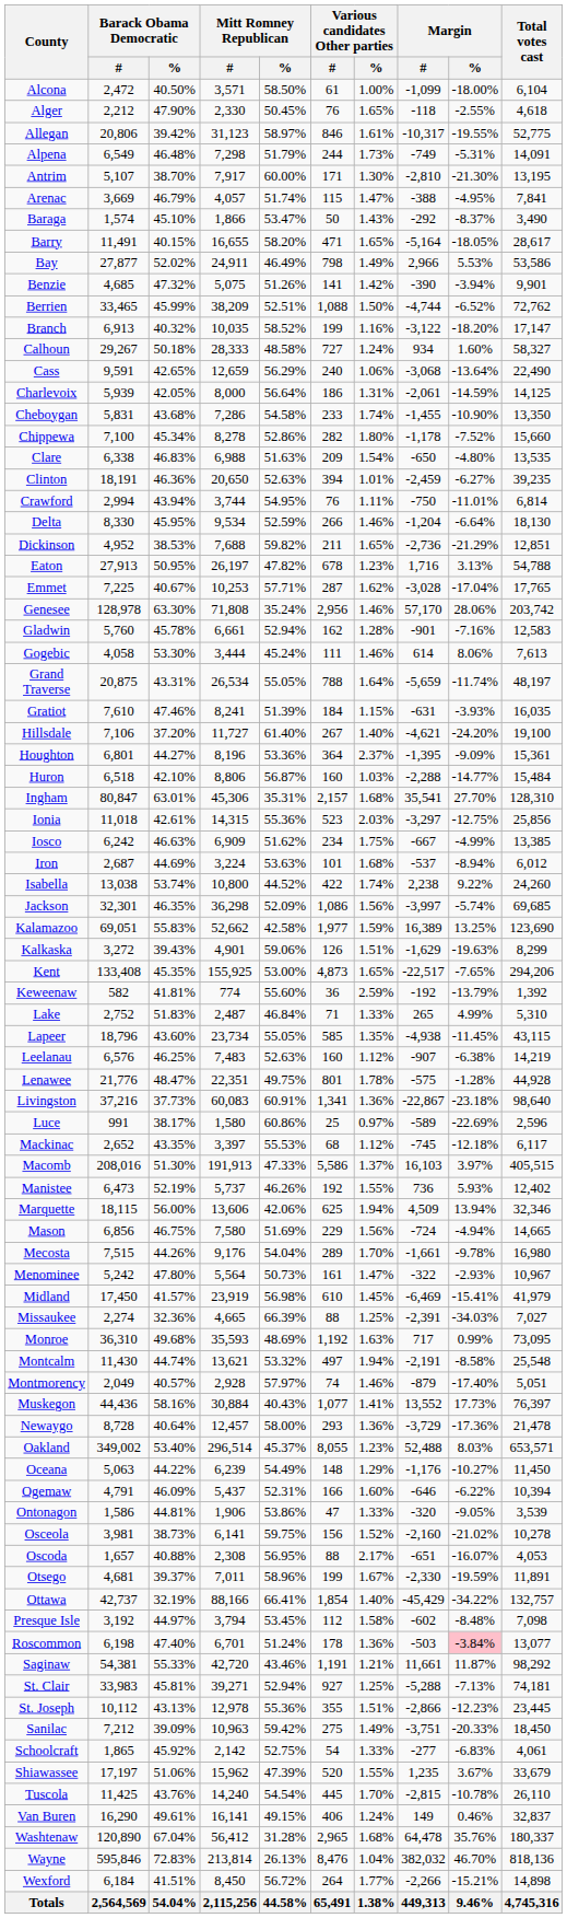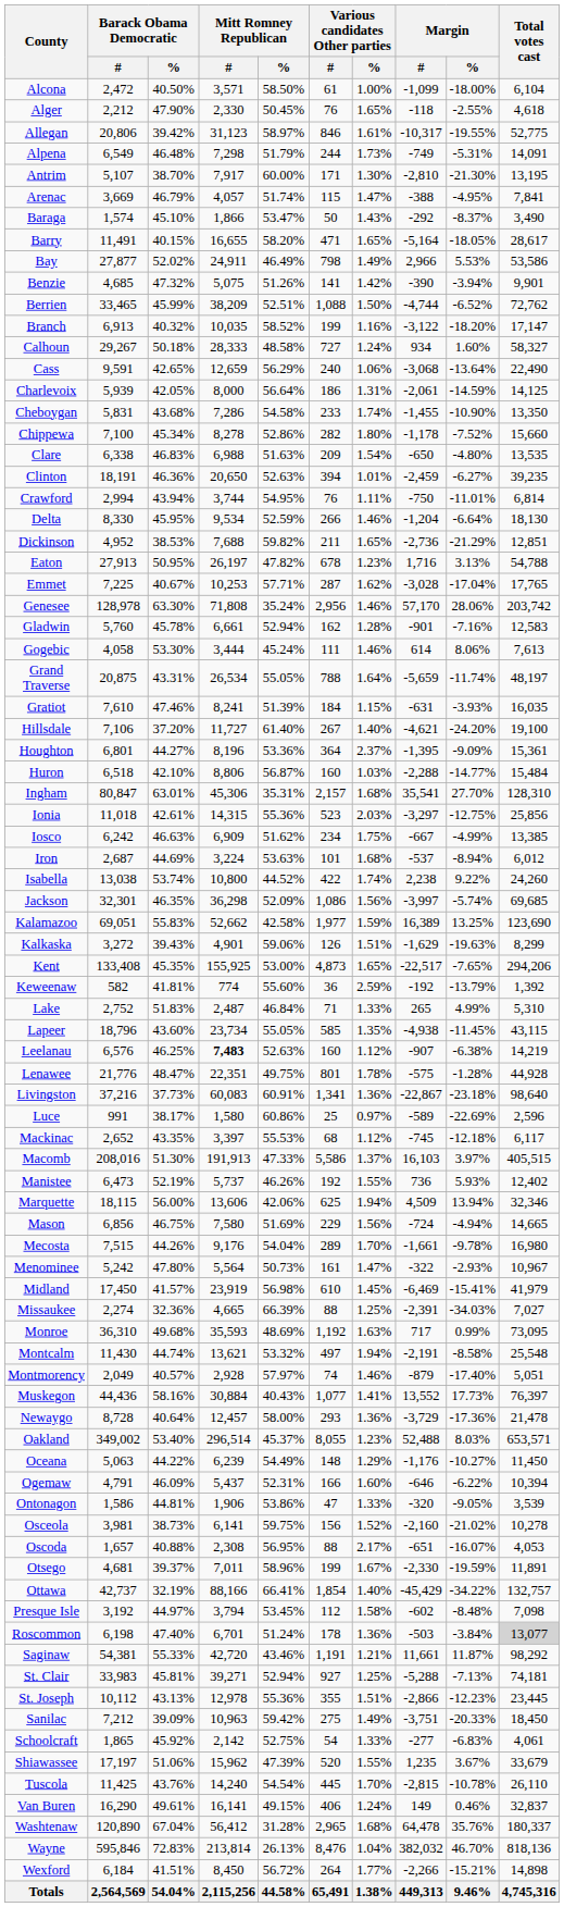 <table width="60%"  class="wikitable sortable" style="text-align:center">
 <tr>
 <th style="text-align:center;" rowspan="2">County</th>
 <th style="text-align:center;" colspan="2">Barack Obama<br>Democratic</th>
 <th style="text-align:center;" colspan="2">Mitt Romney<br>Republican</th>
 <th style="text-align:center;" colspan="2">Various candidates<br>Other parties</th>
 <th style="text-align:center;" colspan="2">Margin</th>
 <th style="text-align:center;" rowspan="2">Total votes cast</th>
 </tr>
 <tr>
 <th style="text-align:center;" data-sort-type="number">#</th>
 <th style="text-align:center;" data-sort-type="number">%</th>
 <th style="text-align:center;" data-sort-type="number">#</th>
 <th style="text-align:center;" data-sort-type="number">%</th>
 <th style="text-align:center;" data-sort-type="number">#</th>
 <th style="text-align:center;" data-sort-type="number">%</th>
 <th style="text-align:center;" data-sort-type="number">#</th>
 <th style="text-align:center;" data-sort-type="number">%</th>
 </tr>
 <tr style="text-align:center;">
 <td><a href='#'>Alcona</a></td>
 <td>2,472</td>
 <td>40.50%</td>
 <td>3,571</td>
 <td>58.50%</td>
 <td>61</td>
 <td>1.00%</td>
 <td>-1,099</td>
 <td>-18.00%</td>
 <td>6,104</td>
 </tr>
 <tr style="text-align:center;">
 <td><a href='#'>Alger</a></td>
 <td>2,212</td>
 <td>47.90%</td>
 <td>2,330</td>
 <td>50.45%</td>
 <td>76</td>
 <td>1.65%</td>
 <td>-118</td>
 <td>-2.55%</td>
 <td>4,618</td>
 </tr>
 <tr style="text-align:center;">
 <td><a href='#'>Allegan</a></td>
 <td>20,806</td>
 <td>39.42%</td>
 <td>31,123</td>
 <td>58.97%</td>
 <td>846</td>
 <td>1.61%</td>
 <td>-10,317</td>
 <td>-19.55%</td>
 <td>52,775</td>
 </tr>
 <tr style="text-align:center;">
 <td><a href='#'>Alpena</a></td>
 <td>6,549</td>
 <td>46.48%</td>
 <td>7,298</td>
 <td>51.79%</td>
 <td>244</td>
 <td>1.73%</td>
 <td>-749</td>
 <td>-5.31%</td>
 <td>14,091</td>
 </tr>
 <tr style="text-align:center;">
 <td><a href='#'>Antrim</a></td>
 <td>5,107</td>
 <td>38.70%</td>
 <td>7,917</td>
 <td>60.00%</td>
 <td>171</td>
 <td>1.30%</td>
 <td>-2,810</td>
 <td>-21.30%</td>
 <td>13,195</td>
 </tr>
 <tr style="text-align:center;">
 <td><a href='#'>Arenac</a></td>
 <td>3,669</td>
 <td>46.79%</td>
 <td>4,057</td>
 <td>51.74%</td>
 <td>115</td>
 <td>1.47%</td>
 <td>-388</td>
 <td>-4.95%</td>
 <td>7,841</td>
 </tr>
 <tr style="text-align:center;">
 <td><a href='#'>Baraga</a></td>
 <td>1,574</td>
 <td>45.10%</td>
 <td>1,866</td>
 <td>53.47%</td>
 <td>50</td>
 <td>1.43%</td>
 <td>-292</td>
 <td>-8.37%</td>
 <td>3,490</td>
 </tr>
 <tr style="text-align:center;">
 <td><a href='#'>Barry</a></td>
 <td>11,491</td>
 <td>40.15%</td>
 <td>16,655</td>
 <td>58.20%</td>
 <td>471</td>
 <td>1.65%</td>
 <td>-5,164</td>
 <td>-18.05%</td>
 <td>28,617</td>
 </tr>
 <tr style="text-align:center;">
 <td><a href='#'>Bay</a></td>
 <td>27,877</td>
 <td>52.02%</td>
 <td>24,911</td>
 <td>46.49%</td>
 <td>798</td>
 <td>1.49%</td>
 <td>2,966</td>
 <td>5.53%</td>
 <td>53,586</td>
 </tr>
 <tr style="text-align:center;">
 <td><a href='#'>Benzie</a></td>
 <td>4,685</td>
 <td>47.32%</td>
 <td>5,075</td>
 <td>51.26%</td>
 <td>141</td>
 <td>1.42%</td>
 <td>-390</td>
 <td>-3.94%</td>
 <td>9,901</td>
 </tr>
 <tr style="text-align:center;">
 <td><a href='#'>Berrien</a></td>
 <td>33,465</td>
 <td>45.99%</td>
 <td>38,209</td>
 <td>52.51%</td>
 <td>1,088</td>
 <td>1.50%</td>
 <td>-4,744</td>
 <td>-6.52%</td>
 <td>72,762</td>
 </tr>
 <tr style="text-align:center;">
 <td><a href='#'>Branch</a></td>
 <td>6,913</td>
 <td>40.32%</td>
 <td>10,035</td>
 <td>58.52%</td>
 <td>199</td>
 <td>1.16%</td>
 <td>-3,122</td>
 <td>-18.20%</td>
 <td>17,147</td>
 </tr>
 <tr style="text-align:center;">
 <td><a href='#'>Calhoun</a></td>
 <td>29,267</td>
 <td>50.18%</td>
 <td>28,333</td>
 <td>48.58%</td>
 <td>727</td>
 <td>1.24%</td>
 <td>934</td>
 <td>1.60%</td>
 <td>58,327</td>
 </tr>
 <tr style="text-align:center;">
 <td><a href='#'>Cass</a></td>
 <td>9,591</td>
 <td>42.65%</td>
 <td>12,659</td>
 <td>56.29%</td>
 <td>240</td>
 <td>1.06%</td>
 <td>-3,068</td>
 <td>-13.64%</td>
 <td>22,490</td>
 </tr>
 <tr style="text-align:center;">
 <td><a href='#'>Charlevoix</a></td>
 <td>5,939</td>
 <td>42.05%</td>
 <td>8,000</td>
 <td>56.64%</td>
 <td>186</td>
 <td>1.31%</td>
 <td>-2,061</td>
 <td>-14.59%</td>
 <td>14,125</td>
 </tr>
 <tr style="text-align:center;">
 <td><a href='#'>Cheboygan</a></td>
 <td>5,831</td>
 <td>43.68%</td>
 <td>7,286</td>
 <td>54.58%</td>
 <td>233</td>
 <td>1.74%</td>
 <td>-1,455</td>
 <td>-10.90%</td>
 <td>13,350</td>
 </tr>
 <tr style="text-align:center;">
 <td><a href='#'>Chippewa</a></td>
 <td>7,100</td>
 <td>45.34%</td>
 <td>8,278</td>
 <td>52.86%</td>
 <td>282</td>
 <td>1.80%</td>
 <td>-1,178</td>
 <td>-7.52%</td>
 <td>15,660</td>
 </tr>
 <tr style="text-align:center;">
 <td><a href='#'>Clare</a></td>
 <td>6,338</td>
 <td>46.83%</td>
 <td>6,988</td>
 <td>51.63%</td>
 <td>209</td>
 <td>1.54%</td>
 <td>-650</td>
 <td>-4.80%</td>
 <td>13,535</td>
 </tr>
 <tr style="text-align:center;">
 <td><a href='#'>Clinton</a></td>
 <td>18,191</td>
 <td>46.36%</td>
 <td>20,650</td>
 <td>52.63%</td>
 <td>394</td>
 <td>1.01%</td>
 <td>-2,459</td>
 <td>-6.27%</td>
 <td>39,235</td>
 </tr>
 <tr style="text-align:center;">
 <td><a href='#'>Crawford</a></td>
 <td>2,994</td>
 <td>43.94%</td>
 <td>3,744</td>
 <td>54.95%</td>
 <td>76</td>
 <td>1.11%</td>
 <td>-750</td>
 <td>-11.01%</td>
 <td>6,814</td>
 </tr>
 <tr style="text-align:center;">
 <td><a href='#'>Delta</a></td>
 <td>8,330</td>
 <td>45.95%</td>
 <td>9,534</td>
 <td>52.59%</td>
 <td>266</td>
 <td>1.46%</td>
 <td>-1,204</td>
 <td>-6.64%</td>
 <td>18,130</td>
 </tr>
 <tr style="text-align:center;">
 <td><a href='#'>Dickinson</a></td>
 <td>4,952</td>
 <td>38.53%</td>
 <td>7,688</td>
 <td>59.82%</td>
 <td>211</td>
 <td>1.65%</td>
 <td>-2,736</td>
 <td>-21.29%</td>
 <td>12,851</td>
 </tr>
 <tr style="text-align:center;">
 <td><a href='#'>Eaton</a></td>
 <td>27,913</td>
 <td>50.95%</td>
 <td>26,197</td>
 <td>47.82%</td>
 <td>678</td>
 <td>1.23%</td>
 <td>1,716</td>
 <td>3.13%</td>
 <td>54,788</td>
 </tr>
 <tr style="text-align:center;">
 <td><a href='#'>Emmet</a></td>
 <td>7,225</td>
 <td>40.67%</td>
 <td>10,253</td>
 <td>57.71%</td>
 <td>287</td>
 <td>1.62%</td>
 <td>-3,028</td>
 <td>-17.04%</td>
 <td>17,765</td>
 </tr>
 <tr style="text-align:center;">
 <td><a href='#'>Genesee</a></td>
 <td>128,978</td>
 <td>63.30%</td>
 <td>71,808</td>
 <td>35.24%</td>
 <td>2,956</td>
 <td>1.46%</td>
 <td>57,170</td>
 <td>28.06%</td>
 <td>203,742</td>
 </tr>
 <tr style="text-align:center;">
 <td><a href='#'>Gladwin</a></td>
 <td>5,760</td>
 <td>45.78%</td>
 <td>6,661</td>
 <td>52.94%</td>
 <td>162</td>
 <td>1.28%</td>
 <td>-901</td>
 <td>-7.16%</td>
 <td>12,583</td>
 </tr>
 <tr style="text-align:center;">
 <td><a href='#'>Gogebic</a></td>
 <td>4,058</td>
 <td>53.30%</td>
 <td>3,444</td>
 <td>45.24%</td>
 <td>111</td>
 <td>1.46%</td>
 <td>614</td>
 <td>8.06%</td>
 <td>7,613</td>
 </tr>
 <tr style="text-align:center;">
 <td><a href='#'>Grand Traverse</a></td>
 <td>20,875</td>
 <td>43.31%</td>
 <td>26,534</td>
 <td>55.05%</td>
 <td>788</td>
 <td>1.64%</td>
 <td>-5,659</td>
 <td>-11.74%</td>
 <td>48,197</td>
 </tr>
 <tr style="text-align:center;">
 <td><a href='#'>Gratiot</a></td>
 <td>7,610</td>
 <td>47.46%</td>
 <td>8,241</td>
 <td>51.39%</td>
 <td>184</td>
 <td>1.15%</td>
 <td>-631</td>
 <td>-3.93%</td>
 <td>16,035</td>
 </tr>
 <tr style="text-align:center;">
 <td><a href='#'>Hillsdale</a></td>
 <td>7,106</td>
 <td>37.20%</td>
 <td>11,727</td>
 <td>61.40%</td>
 <td>267</td>
 <td>1.40%</td>
 <td>-4,621</td>
 <td>-24.20%</td>
 <td>19,100</td>
 </tr>
 <tr style="text-align:center;">
 <td><a href='#'>Houghton</a></td>
 <td>6,801</td>
 <td>44.27%</td>
 <td>8,196</td>
 <td>53.36%</td>
 <td>364</td>
 <td>2.37%</td>
 <td>-1,395</td>
 <td>-9.09%</td>
 <td>15,361</td>
 </tr>
 <tr style="text-align:center;">
 <td><a href='#'>Huron</a></td>
 <td>6,518</td>
 <td>42.10%</td>
 <td>8,806</td>
 <td>56.87%</td>
 <td>160</td>
 <td>1.03%</td>
 <td>-2,288</td>
 <td>-14.77%</td>
 <td>15,484</td>
 </tr>
 <tr style="text-align:center;">
 <td><a href='#'>Ingham</a></td>
 <td>80,847</td>
 <td>63.01%</td>
 <td>45,306</td>
 <td>35.31%</td>
 <td>2,157</td>
 <td>1.68%</td>
 <td>35,541</td>
 <td>27.70%</td>
 <td>128,310</td>
 </tr>
 <tr style="text-align:center;">
 <td><a href='#'>Ionia</a></td>
 <td>11,018</td>
 <td>42.61%</td>
 <td>14,315</td>
 <td>55.36%</td>
 <td>523</td>
 <td>2.03%</td>
 <td>-3,297</td>
 <td>-12.75%</td>
 <td>25,856</td>
 </tr>
 <tr style="text-align:center;">
 <td><a href='#'>Iosco</a></td>
 <td>6,242</td>
 <td>46.63%</td>
 <td>6,909</td>
 <td>51.62%</td>
 <td>234</td>
 <td>1.75%</td>
 <td>-667</td>
 <td>-4.99%</td>
 <td>13,385</td>
 </tr>
 <tr style="text-align:center;">
 <td><a href='#'>Iron</a></td>
 <td>2,687</td>
 <td>44.69%</td>
 <td>3,224</td>
 <td>53.63%</td>
 <td>101</td>
 <td>1.68%</td>
 <td>-537</td>
 <td>-8.94%</td>
 <td>6,012</td>
 </tr>
 <tr style="text-align:center;">
 <td><a href='#'>Isabella</a></td>
 <td>13,038</td>
 <td>53.74%</td>
 <td>10,800</td>
 <td>44.52%</td>
 <td>422</td>
 <td>1.74%</td>
 <td>2,238</td>
 <td>9.22%</td>
 <td>24,260</td>
 </tr>
 <tr style="text-align:center;">
 <td><a href='#'>Jackson</a></td>
 <td>32,301</td>
 <td>46.35%</td>
 <td>36,298</td>
 <td>52.09%</td>
 <td>1,086</td>
 <td>1.56%</td>
 <td>-3,997</td>
 <td>-5.74%</td>
 <td>69,685</td>
 </tr>
 <tr style="text-align:center;">
 <td><a href='#'>Kalamazoo</a></td>
 <td>69,051</td>
 <td>55.83%</td>
 <td>52,662</td>
 <td>42.58%</td>
 <td>1,977</td>
 <td>1.59%</td>
 <td>16,389</td>
 <td>13.25%</td>
 <td>123,690</td>
 </tr>
 <tr style="text-align:center;">
 <td><a href='#'>Kalkaska</a></td>
 <td>3,272</td>
 <td>39.43%</td>
 <td>4,901</td>
 <td>59.06%</td>
 <td>126</td>
 <td>1.51%</td>
 <td>-1,629</td>
 <td>-19.63%</td>
 <td>8,299</td>
 </tr>
 <tr style="text-align:center;">
 <td><a href='#'>Kent</a></td>
 <td>133,408</td>
 <td>45.35%</td>
 <td>155,925</td>
 <td>53.00%</td>
 <td>4,873</td>
 <td>1.65%</td>
 <td>-22,517</td>
 <td>-7.65%</td>
 <td>294,206</td>
 </tr>
 <tr style="text-align:center;">
 <td><a href='#'>Keweenaw</a></td>
 <td>582</td>
 <td>41.81%</td>
 <td>774</td>
 <td>55.60%</td>
 <td>36</td>
 <td>2.59%</td>
 <td>-192</td>
 <td>-13.79%</td>
 <td>1,392</td>
 </tr>
 <tr style="text-align:center;">
 <td><a href='#'>Lake</a></td>
 <td>2,752</td>
 <td>51.83%</td>
 <td>2,487</td>
 <td>46.84%</td>
 <td>71</td>
 <td>1.33%</td>
 <td>265</td>
 <td>4.99%</td>
 <td>5,310</td>
 </tr>
 <tr style="text-align:center;">
 <td><a href='#'>Lapeer</a></td>
 <td>18,796</td>
 <td>43.60%</td>
 <td>23,734</td>
 <td>55.05%</td>
 <td>585</td>
 <td>1.35%</td>
 <td>-4,938</td>
 <td>-11.45%</td>
 <td>43,115</td>
 </tr>
 <tr style="text-align:center;">
 <td><a href='#'>Leelanau</a></td>
 <td>6,576</td>
 <td>46.25%</td>
-<td>7,483</td>
+<td><strong>7,483</strong></td>
 <td>52.63%</td>
 <td>160</td>
 <td>1.12%</td>
 <td>-907</td>
 <td>-6.38%</td>
 <td>14,219</td>
 </tr>
 <tr style="text-align:center;">
 <td><a href='#'>Lenawee</a></td>
 <td>21,776</td>
 <td>48.47%</td>
 <td>22,351</td>
 <td>49.75%</td>
 <td>801</td>
 <td>1.78%</td>
 <td>-575</td>
 <td>-1.28%</td>
 <td>44,928</td>
 </tr>
 <tr style="text-align:center;">
 <td><a href='#'>Livingston</a></td>
 <td>37,216</td>
 <td>37.73%</td>
 <td>60,083</td>
 <td>60.91%</td>
 <td>1,341</td>
 <td>1.36%</td>
 <td>-22,867</td>
 <td>-23.18%</td>
 <td>98,640</td>
 </tr>
 <tr style="text-align:center;">
 <td><a href='#'>Luce</a></td>
 <td>991</td>
 <td>38.17%</td>
 <td>1,580</td>
 <td>60.86%</td>
 <td>25</td>
 <td>0.97%</td>
 <td>-589</td>
 <td>-22.69%</td>
 <td>2,596</td>
 </tr>
 <tr style="text-align:center;">
 <td><a href='#'>Mackinac</a></td>
 <td>2,652</td>
 <td>43.35%</td>
 <td>3,397</td>
 <td>55.53%</td>
 <td>68</td>
 <td>1.12%</td>
 <td>-745</td>
 <td>-12.18%</td>
 <td>6,117</td>
 </tr>
 <tr style="text-align:center;">
 <td><a href='#'>Macomb</a></td>
 <td>208,016</td>
 <td>51.30%</td>
 <td>191,913</td>
 <td>47.33%</td>
 <td>5,586</td>
 <td>1.37%</td>
 <td>16,103</td>
 <td>3.97%</td>
 <td>405,515</td>
 </tr>
 <tr style="text-align:center;">
 <td><a href='#'>Manistee</a></td>
 <td>6,473</td>
 <td>52.19%</td>
 <td>5,737</td>
 <td>46.26%</td>
 <td>192</td>
 <td>1.55%</td>
 <td>736</td>
 <td>5.93%</td>
 <td>12,402</td>
 </tr>
 <tr style="text-align:center;">
 <td><a href='#'>Marquette</a></td>
 <td>18,115</td>
 <td>56.00%</td>
 <td>13,606</td>
 <td>42.06%</td>
 <td>625</td>
 <td>1.94%</td>
 <td>4,509</td>
 <td>13.94%</td>
 <td>32,346</td>
 </tr>
 <tr style="text-align:center;">
 <td><a href='#'>Mason</a></td>
 <td>6,856</td>
 <td>46.75%</td>
 <td>7,580</td>
 <td>51.69%</td>
 <td>229</td>
 <td>1.56%</td>
 <td>-724</td>
 <td>-4.94%</td>
 <td>14,665</td>
 </tr>
 <tr style="text-align:center;">
 <td><a href='#'>Mecosta</a></td>
 <td>7,515</td>
 <td>44.26%</td>
 <td>9,176</td>
 <td>54.04%</td>
 <td>289</td>
 <td>1.70%</td>
 <td>-1,661</td>
 <td>-9.78%</td>
 <td>16,980</td>
 </tr>
 <tr style="text-align:center;">
 <td><a href='#'>Menominee</a></td>
 <td>5,242</td>
 <td>47.80%</td>
 <td>5,564</td>
 <td>50.73%</td>
 <td>161</td>
 <td>1.47%</td>
 <td>-322</td>
 <td>-2.93%</td>
 <td>10,967</td>
 </tr>
 <tr style="text-align:center;">
 <td><a href='#'>Midland</a></td>
 <td>17,450</td>
 <td>41.57%</td>
 <td>23,919</td>
 <td>56.98%</td>
 <td>610</td>
 <td>1.45%</td>
 <td>-6,469</td>
 <td>-15.41%</td>
 <td>41,979</td>
 </tr>
 <tr style="text-align:center;">
 <td><a href='#'>Missaukee</a></td>
 <td>2,274</td>
 <td>32.36%</td>
 <td>4,665</td>
 <td>66.39%</td>
 <td>88</td>
 <td>1.25%</td>
 <td>-2,391</td>
 <td>-34.03%</td>
 <td>7,027</td>
 </tr>
 <tr style="text-align:center;">
 <td><a href='#'>Monroe</a></td>
 <td>36,310</td>
 <td>49.68%</td>
 <td>35,593</td>
 <td>48.69%</td>
 <td>1,192</td>
 <td>1.63%</td>
 <td>717</td>
 <td>0.99%</td>
 <td>73,095</td>
 </tr>
 <tr style="text-align:center;">
 <td><a href='#'>Montcalm</a></td>
 <td>11,430</td>
 <td>44.74%</td>
 <td>13,621</td>
 <td>53.32%</td>
 <td>497</td>
 <td>1.94%</td>
 <td>-2,191</td>
 <td>-8.58%</td>
 <td>25,548</td>
 </tr>
 <tr style="text-align:center;">
 <td><a href='#'>Montmorency</a></td>
 <td>2,049</td>
 <td>40.57%</td>
 <td>2,928</td>
 <td>57.97%</td>
 <td>74</td>
 <td>1.46%</td>
 <td>-879</td>
 <td>-17.40%</td>
 <td>5,051</td>
 </tr>
 <tr style="text-align:center;">
 <td><a href='#'>Muskegon</a></td>
 <td>44,436</td>
 <td>58.16%</td>
 <td>30,884</td>
 <td>40.43%</td>
 <td>1,077</td>
 <td>1.41%</td>
 <td>13,552</td>
 <td>17.73%</td>
 <td>76,397</td>
 </tr>
 <tr style="text-align:center;">
 <td><a href='#'>Newaygo</a></td>
 <td>8,728</td>
 <td>40.64%</td>
 <td>12,457</td>
 <td>58.00%</td>
 <td>293</td>
 <td>1.36%</td>
 <td>-3,729</td>
 <td>-17.36%</td>
 <td>21,478</td>
 </tr>
 <tr style="text-align:center;">
 <td><a href='#'>Oakland</a></td>
 <td>349,002</td>
 <td>53.40%</td>
 <td>296,514</td>
 <td>45.37%</td>
 <td>8,055</td>
 <td>1.23%</td>
 <td>52,488</td>
 <td>8.03%</td>
 <td>653,571</td>
 </tr>
 <tr style="text-align:center;">
 <td><a href='#'>Oceana</a></td>
 <td>5,063</td>
 <td>44.22%</td>
 <td>6,239</td>
 <td>54.49%</td>
 <td>148</td>
 <td>1.29%</td>
 <td>-1,176</td>
 <td>-10.27%</td>
 <td>11,450</td>
 </tr>
 <tr style="text-align:center;">
 <td><a href='#'>Ogemaw</a></td>
 <td>4,791</td>
 <td>46.09%</td>
 <td>5,437</td>
 <td>52.31%</td>
 <td>166</td>
 <td>1.60%</td>
 <td>-646</td>
 <td>-6.22%</td>
 <td>10,394</td>
 </tr>
 <tr style="text-align:center;">
 <td><a href='#'>Ontonagon</a></td>
 <td>1,586</td>
 <td>44.81%</td>
 <td>1,906</td>
 <td>53.86%</td>
 <td>47</td>
 <td>1.33%</td>
 <td>-320</td>
 <td>-9.05%</td>
 <td>3,539</td>
 </tr>
 <tr style="text-align:center;">
 <td><a href='#'>Osceola</a></td>
 <td>3,981</td>
 <td>38.73%</td>
 <td>6,141</td>
 <td>59.75%</td>
 <td>156</td>
 <td>1.52%</td>
 <td>-2,160</td>
 <td>-21.02%</td>
 <td>10,278</td>
 </tr>
 <tr style="text-align:center;">
 <td><a href='#'>Oscoda</a></td>
 <td>1,657</td>
 <td>40.88%</td>
 <td>2,308</td>
 <td>56.95%</td>
 <td>88</td>
 <td>2.17%</td>
 <td>-651</td>
 <td>-16.07%</td>
 <td>4,053</td>
 </tr>
 <tr style="text-align:center;">
 <td><a href='#'>Otsego</a></td>
 <td>4,681</td>
 <td>39.37%</td>
 <td>7,011</td>
 <td>58.96%</td>
 <td>199</td>
 <td>1.67%</td>
 <td>-2,330</td>
 <td>-19.59%</td>
 <td>11,891</td>
 </tr>
 <tr style="text-align:center;">
 <td><a href='#'>Ottawa</a></td>
 <td>42,737</td>
 <td>32.19%</td>
 <td>88,166</td>
 <td>66.41%</td>
 <td>1,854</td>
 <td>1.40%</td>
 <td>-45,429</td>
 <td>-34.22%</td>
 <td>132,757</td>
 </tr>
 <tr style="text-align:center;">
 <td><a href='#'>Presque Isle</a></td>
 <td>3,192</td>
 <td>44.97%</td>
 <td>3,794</td>
 <td>53.45%</td>
 <td>112</td>
 <td>1.58%</td>
 <td>-602</td>
 <td>-8.48%</td>
 <td>7,098</td>
 </tr>
 <tr style="text-align:center;">
 <td><a href='#'>Roscommon</a></td>
 <td>6,198</td>
 <td>47.40%</td>
 <td>6,701</td>
 <td>51.24%</td>
 <td>178</td>
 <td>1.36%</td>
 <td>-503</td>
-<td style="background: pink;">-3.84%</td>
-<td>13,077</td>
+<td>-3.84%</td>
+<td style="background: lightgrey;">13,077</td>
 </tr>
 <tr style="text-align:center;">
 <td><a href='#'>Saginaw</a></td>
 <td>54,381</td>
 <td>55.33%</td>
 <td>42,720</td>
 <td>43.46%</td>
 <td>1,191</td>
 <td>1.21%</td>
 <td>11,661</td>
 <td>11.87%</td>
 <td>98,292</td>
 </tr>
 <tr style="text-align:center;">
 <td><a href='#'>St. Clair</a></td>
 <td>33,983</td>
 <td>45.81%</td>
 <td>39,271</td>
 <td>52.94%</td>
 <td>927</td>
 <td>1.25%</td>
 <td>-5,288</td>
 <td>-7.13%</td>
 <td>74,181</td>
 </tr>
 <tr style="text-align:center;">
 <td><a href='#'>St. Joseph</a></td>
 <td>10,112</td>
 <td>43.13%</td>
 <td>12,978</td>
 <td>55.36%</td>
 <td>355</td>
 <td>1.51%</td>
 <td>-2,866</td>
 <td>-12.23%</td>
 <td>23,445</td>
 </tr>
 <tr style="text-align:center;">
 <td><a href='#'>Sanilac</a></td>
 <td>7,212</td>
 <td>39.09%</td>
 <td>10,963</td>
 <td>59.42%</td>
 <td>275</td>
 <td>1.49%</td>
 <td>-3,751</td>
 <td>-20.33%</td>
 <td>18,450</td>
 </tr>
 <tr style="text-align:center;">
 <td><a href='#'>Schoolcraft</a></td>
 <td>1,865</td>
 <td>45.92%</td>
 <td>2,142</td>
 <td>52.75%</td>
 <td>54</td>
 <td>1.33%</td>
 <td>-277</td>
 <td>-6.83%</td>
 <td>4,061</td>
 </tr>
 <tr style="text-align:center;">
 <td><a href='#'>Shiawassee</a></td>
 <td>17,197</td>
 <td>51.06%</td>
 <td>15,962</td>
 <td>47.39%</td>
 <td>520</td>
 <td>1.55%</td>
 <td>1,235</td>
 <td>3.67%</td>
 <td>33,679</td>
 </tr>
 <tr style="text-align:center;">
 <td><a href='#'>Tuscola</a></td>
 <td>11,425</td>
 <td>43.76%</td>
 <td>14,240</td>
 <td>54.54%</td>
 <td>445</td>
 <td>1.70%</td>
 <td>-2,815</td>
 <td>-10.78%</td>
 <td>26,110</td>
 </tr>
 <tr style="text-align:center;">
 <td><a href='#'>Van Buren</a></td>
 <td>16,290</td>
 <td>49.61%</td>
 <td>16,141</td>
 <td>49.15%</td>
 <td>406</td>
 <td>1.24%</td>
 <td>149</td>
 <td>0.46%</td>
 <td>32,837</td>
 </tr>
 <tr style="text-align:center;">
 <td><a href='#'>Washtenaw</a></td>
 <td>120,890</td>
 <td>67.04%</td>
 <td>56,412</td>
 <td>31.28%</td>
 <td>2,965</td>
 <td>1.68%</td>
 <td>64,478</td>
 <td>35.76%</td>
 <td>180,337</td>
 </tr>
 <tr style="text-align:center;">
 <td><a href='#'>Wayne</a></td>
 <td>595,846</td>
 <td>72.83%</td>
 <td>213,814</td>
 <td>26.13%</td>
 <td>8,476</td>
 <td>1.04%</td>
 <td>382,032</td>
 <td>46.70%</td>
 <td>818,136</td>
 </tr>
 <tr style="text-align:center;">
 <td><a href='#'>Wexford</a></td>
 <td>6,184</td>
 <td>41.51%</td>
 <td>8,450</td>
 <td>56.72%</td>
 <td>264</td>
 <td>1.77%</td>
 <td>-2,266</td>
 <td>-15.21%</td>
 <td>14,898</td>
 </tr>
 <tr>
 <th>Totals</th>
 <th>2,564,569</th>
 <th>54.04%</th>
 <th>2,115,256</th>
 <th>44.58%</th>
 <th>65,491</th>
 <th>1.38%</th>
 <th>449,313</th>
 <th>9.46%</th>
 <th>4,745,316</th>
 </tr>
 </table>
